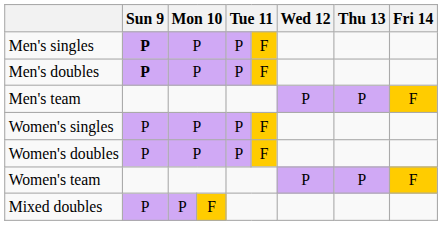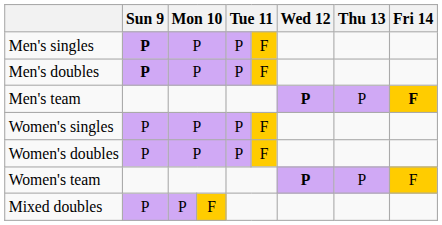 <table class="wikitable" style="margin:0.5em auto; font-size:90%; line-height:1.25em; text-align:center;">
 <tr>
 <th></th>
 <th>Sun 9</th>
 <th colspan=2>Mon 10</th>
 <th colspan=2>Tue 11</th>
 <th>Wed 12</th>
 <th>Thu 13</th>
 <th>Fri 14</th>
 </tr>
 <tr>
 <td align=left>Men's singles</td>
 <td style="background-color:#D0A9F5;"><strong>P</strong></td>
 <td style="background-color:#D0A9F5;" colspan=2>P</td>
 <td style="background-color:#D0A9F5;">P</td>
 <td style="background-color:#FFCC00;">F</td>
 <td></td>
 <td></td>
 <td></td>
 </tr>
 <tr>
 <td align=left>Men's doubles</td>
 <td style="background-color:#D0A9F5;"><strong>P</strong></td>
 <td style="background-color:#D0A9F5;" colspan=2>P</td>
 <td style="background-color:#D0A9F5;">P</td>
 <td style="background-color:#FFCC00;">F</td>
 <td></td>
 <td></td>
 <td></td>
 </tr>
 <tr>
 <td align=left>Men's team</td>
 <td></td>
 <td colspan=2></td>
 <td colspan=2></td>
+<td style="background-color:#D0A9F5;"><strong>P</strong></td>
 <td style="background-color:#D0A9F5;">P</td>
-<td style="background-color:#D0A9F5;">P</td>
-<td style="background-color:#FFCC00;">F</td>
+<td style="background-color:#FFCC00;"><strong>F</strong></td>
 </tr>
 <tr>
 <td align=left>Women's singles</td>
 <td style="background-color:#D0A9F5;">P</td>
 <td style="background-color:#D0A9F5;" colspan=2>P</td>
 <td style="background-color:#D0A9F5;">P</td>
 <td style="background-color:#FFCC00;">F</td>
 <td></td>
 <td></td>
 <td></td>
 </tr>
 <tr>
 <td align=left>Women's doubles</td>
 <td style="background-color:#D0A9F5;">P</td>
 <td style="background-color:#D0A9F5;" colspan=2>P</td>
 <td style="background-color:#D0A9F5;">P</td>
 <td style="background-color:#FFCC00;">F</td>
 <td></td>
 <td></td>
 <td></td>
 </tr>
 <tr>
 <td align=left>Women's team</td>
 <td></td>
 <td colspan=2></td>
 <td colspan=2></td>
-<td style="background-color:#D0A9F5;">P</td>
+<td style="background-color:#D0A9F5;"><strong>P</strong></td>
 <td style="background-color:#D0A9F5;">P</td>
 <td style="background-color:#FFCC00;">F</td>
 </tr>
 <tr>
 <td align=left>Mixed doubles</td>
 <td style="background-color:#D0A9F5;">P</td>
 <td style="background-color:#D0A9F5;">P</td>
 <td style="background-color:#FFCC00;">F</td>
 <td colspan=2></td>
 <td></td>
 <td></td>
 </tr>
 </table>
